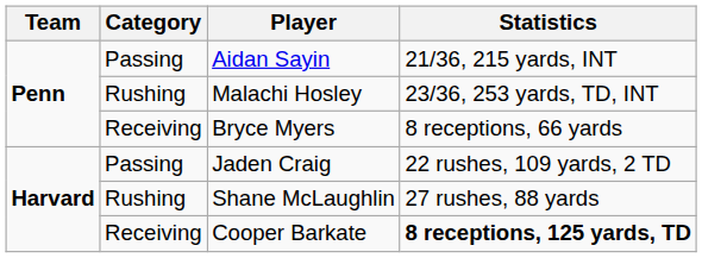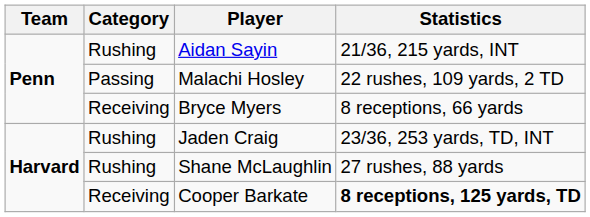 <table class="wikitable" style="float: right;">
 <tr>
 <th>Team</th>
 <th>Category</th>
 <th>Player</th>
 <th>Statistics</th>
 </tr>
 <tr>
 <td rowspan=3><strong>Penn</strong></td>
-<td>Passing</td>
+<td>Rushing</td>
 <td><a href='#'>Aidan Sayin</a></td>
 <td>21/36, 215 yards, INT</td>
 </tr>
 <tr>
-<td>Rushing</td>
+<td>Passing</td>
 <td>Malachi Hosley</td>
-<td>23/36, 253 yards, TD, INT</td>
+<td>22 rushes, 109 yards, 2 TD</td>
 </tr>
 <tr>
 <td>Receiving</td>
 <td>Bryce Myers</td>
 <td>8 receptions, 66 yards</td>
 </tr>
 <tr>
 <td rowspan=3><strong>Harvard</strong></td>
-<td>Passing</td>
+<td>Rushing</td>
 <td>Jaden Craig</td>
-<td>22 rushes, 109 yards, 2 TD</td>
+<td>23/36, 253 yards, TD, INT</td>
 </tr>
 <tr>
 <td>Rushing</td>
 <td>Shane McLaughlin</td>
 <td>27 rushes, 88 yards</td>
 </tr>
 <tr>
 <td>Receiving</td>
 <td>Cooper Barkate</td>
 <td><strong>8 receptions, 125 yards, TD</strong></td>
 </tr>
 </table>
